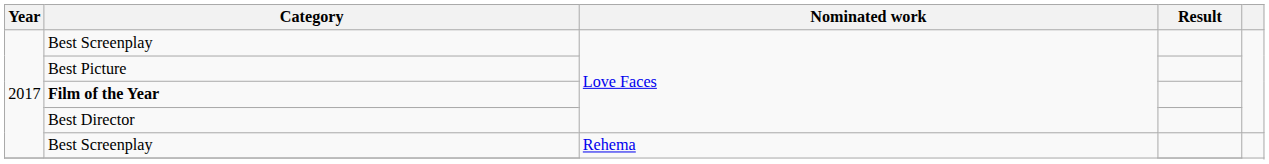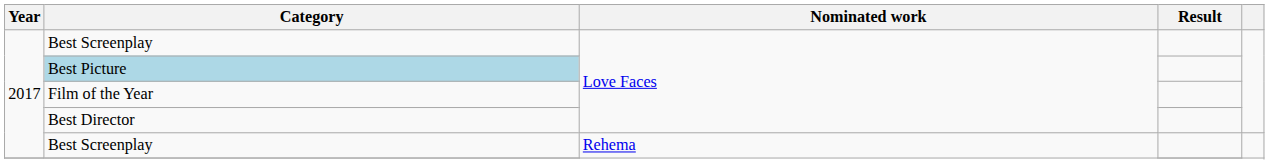 <table class=wikitable>
 <tr>
 <th scope="col" style="width:1em;">Year</th>
 <th scope="col" style="width:36em;">Category</th>
 <th scope="col" style="width:39em;">Nominated work</th>
 <th scope="col" style="width:5em;">Result</th>
 <th scope="col" style="width:1em;"></th>
 </tr>
 <tr>
 <td rowspan="5">2017</td>
 <td>Best Screenplay</td>
 <td rowspan="4"><a href='#'>Love Faces</a></td>
 <td></td>
 <td rowspan="4"></td>
 </tr>
 <tr>
-<td>Best Picture</td>
+<td style="background: lightblue;">Best Picture</td>
 <td></td>
 </tr>
 <tr>
-<td><strong>Film of the Year</strong></td>
+<td>Film of the Year</td>
 <td></td>
 </tr>
 <tr>
 <td>Best Director</td>
 <td></td>
 </tr>
 <tr>
 <td>Best Screenplay</td>
 <td rowspan="4"><a href='#'>Rehema</a></td>
 <td></td>
 <td rowspan="4"></td>
 </tr>
 <tr>
 </tr>
 </table>
